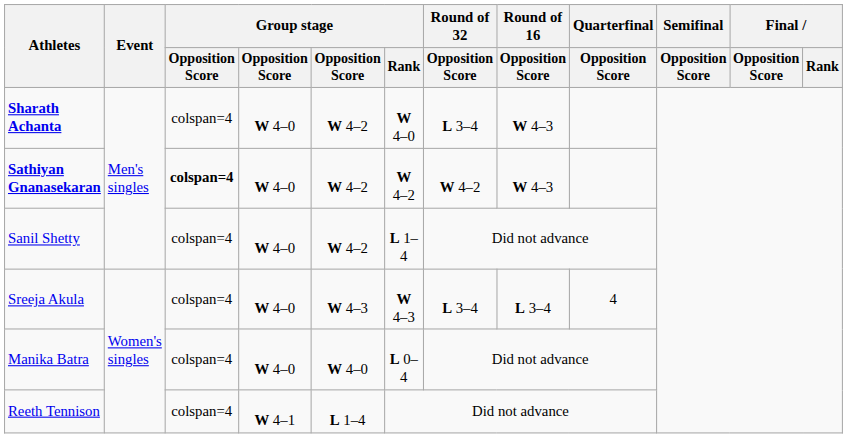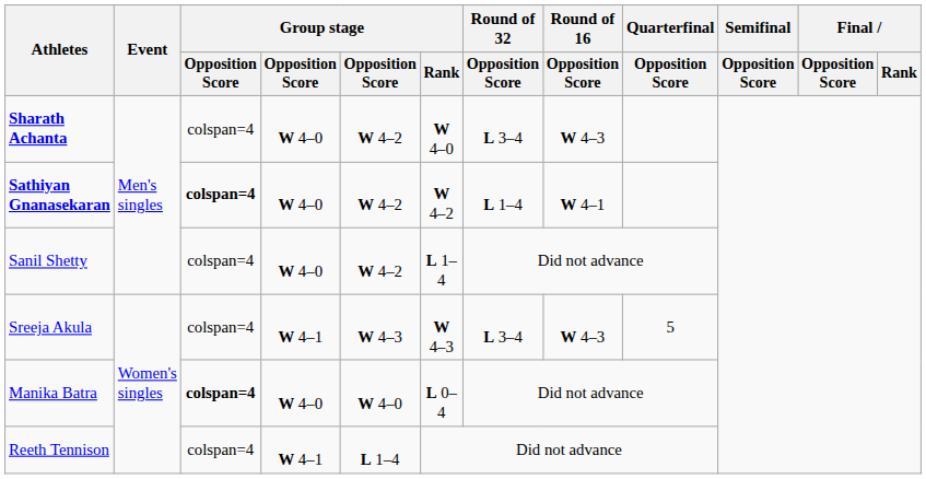 <table class=wikitable style=font-size:88%;text-align:center>
 <tr>
 <th rowspan=2>Athletes</th>
 <th rowspan=2>Event</th>
 <th colspan=4>Group stage</th>
 <th>Round of 32</th>
 <th>Round of 16</th>
 <th>Quarterfinal</th>
 <th>Semifinal</th>
 <th colspan=2>Final / </th>
 </tr>
 <tr style=font-size:95%>
 <th>Opposition<br>Score</th>
 <th>Opposition<br>Score</th>
 <th>Opposition<br>Score</th>
 <th>Rank</th>
 <th>Opposition<br>Score</th>
 <th>Opposition<br>Score</th>
 <th>Opposition<br>Score</th>
 <th>Opposition<br>Score</th>
 <th>Opposition<br>Score</th>
 <th>Rank</th>
 </tr>
 <tr>
 <td align=left><strong><a href='#'>Sharath Achanta</a></strong></td>
 <td align=left rowspan=3><a href='#'>Men's singles</a></td>
 <td>colspan=4 </td>
 <td><br><strong>W</strong> 4–0</td>
 <td><br><strong>W</strong> 4–2</td>
 <td><br><strong>W</strong> 4–0</td>
 <td><br><strong>L</strong> 3–4</td>
 <td><br><strong>W</strong> 4–3</td>
 <td></td>
 </tr>
 <tr>
 <td align=left><strong><a href='#'>Sathiyan Gnanasekaran</a></strong></td>
 <td><strong>colspan=4 </strong></td>
 <td><br><strong>W</strong> 4–0</td>
 <td><br><strong>W</strong> 4–2</td>
 <td><br><strong>W</strong> 4–2</td>
-<td><br><strong>W</strong> 4–2</td>
-<td><br><strong>W</strong> 4–3</td>
+<td><br><strong>L</strong> 1–4</td>
+<td><br><strong>W</strong> 4–1</td>
 <td></td>
 </tr>
 <tr>
 <td align=left><a href='#'>Sanil Shetty</a></td>
 <td>colspan=4 </td>
 <td><br><strong>W</strong> 4–0</td>
 <td><br><strong>W</strong> 4–2</td>
 <td><br><strong>L</strong> 1–4</td>
 <td colspan=3>Did not advance</td>
 </tr>
 <tr>
 <td align=left><a href='#'>Sreeja Akula</a></td>
 <td align=left rowspan=3><a href='#'>Women's singles</a></td>
 <td>colspan=4 </td>
-<td><br><strong>W</strong> 4–0</td>
+<td><br><strong>W</strong> 4–1</td>
 <td><br><strong>W</strong> 4–3</td>
 <td><br><strong>W</strong> 4–3</td>
 <td><br><strong>L</strong> 3–4</td>
-<td><br><strong>L</strong> 3–4</td>
-<td>4</td>
+<td><br><strong>W</strong> 4–3</td>
+<td>5</td>
 </tr>
 <tr>
 <td align=left><a href='#'>Manika Batra</a></td>
-<td>colspan=4 </td>
+<td><strong>colspan=4 </strong></td>
 <td><br><strong>W</strong> 4–0</td>
 <td><br><strong>W</strong> 4–0</td>
 <td><br><strong>L</strong> 0–4</td>
 <td colspan=3>Did not advance</td>
 </tr>
 <tr>
 <td align=left><a href='#'>Reeth Tennison</a></td>
 <td>colspan=4 </td>
 <td><br><strong>W</strong> 4–1</td>
 <td><br><strong>L</strong> 1–4</td>
 <td colspan=4>Did not advance</td>
 </tr>
 </table>
